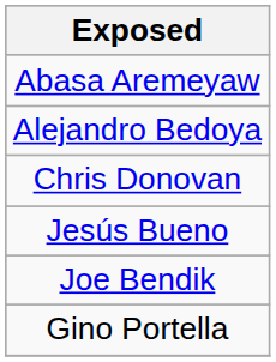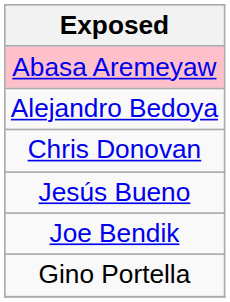 <table class="wikitable" style="text-align:center">
 <tr>
 <th>Exposed</th>
 </tr>
 <tr>
-<td><a href='#'>Abasa Aremeyaw</a></td>
+<td style="background: pink;"><a href='#'>Abasa Aremeyaw</a></td>
 </tr>
 <tr>
 <td><a href='#'>Alejandro Bedoya</a></td>
 </tr>
 <tr>
 <td><a href='#'>Chris Donovan</a></td>
 </tr>
 <tr>
 <td><a href='#'>Jesús Bueno</a></td>
 </tr>
 <tr>
 <td><a href='#'>Joe Bendik</a></td>
 </tr>
 <tr>
 <td>Gino Portella</td>
 </tr>
 <tr>
 </tr>
 </table>
